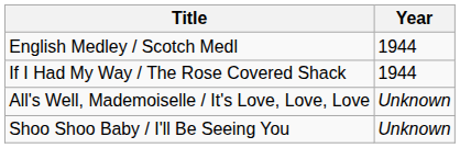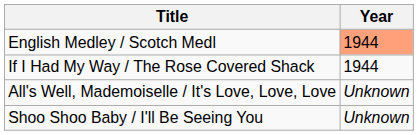 <table class="wikitable">
 <tr>
 <th>Title</th>
 <th>Year</th>
 </tr>
 <tr>
 <td>English Medley / Scotch Medl</td>
-<td>1944</td>
+<td style="background: lightsalmon;">1944</td>
 </tr>
 <tr>
 <td>If I Had My Way / The Rose Covered Shack</td>
 <td>1944</td>
 </tr>
 <tr>
 <td>All's Well, Mademoiselle /  It's Love, Love, Love</td>
 <td><em>Unknown</em></td>
 </tr>
 <tr>
 <td>Shoo Shoo Baby / I'll Be Seeing You</td>
 <td><em>Unknown</em></td>
 </tr>
 </table>
